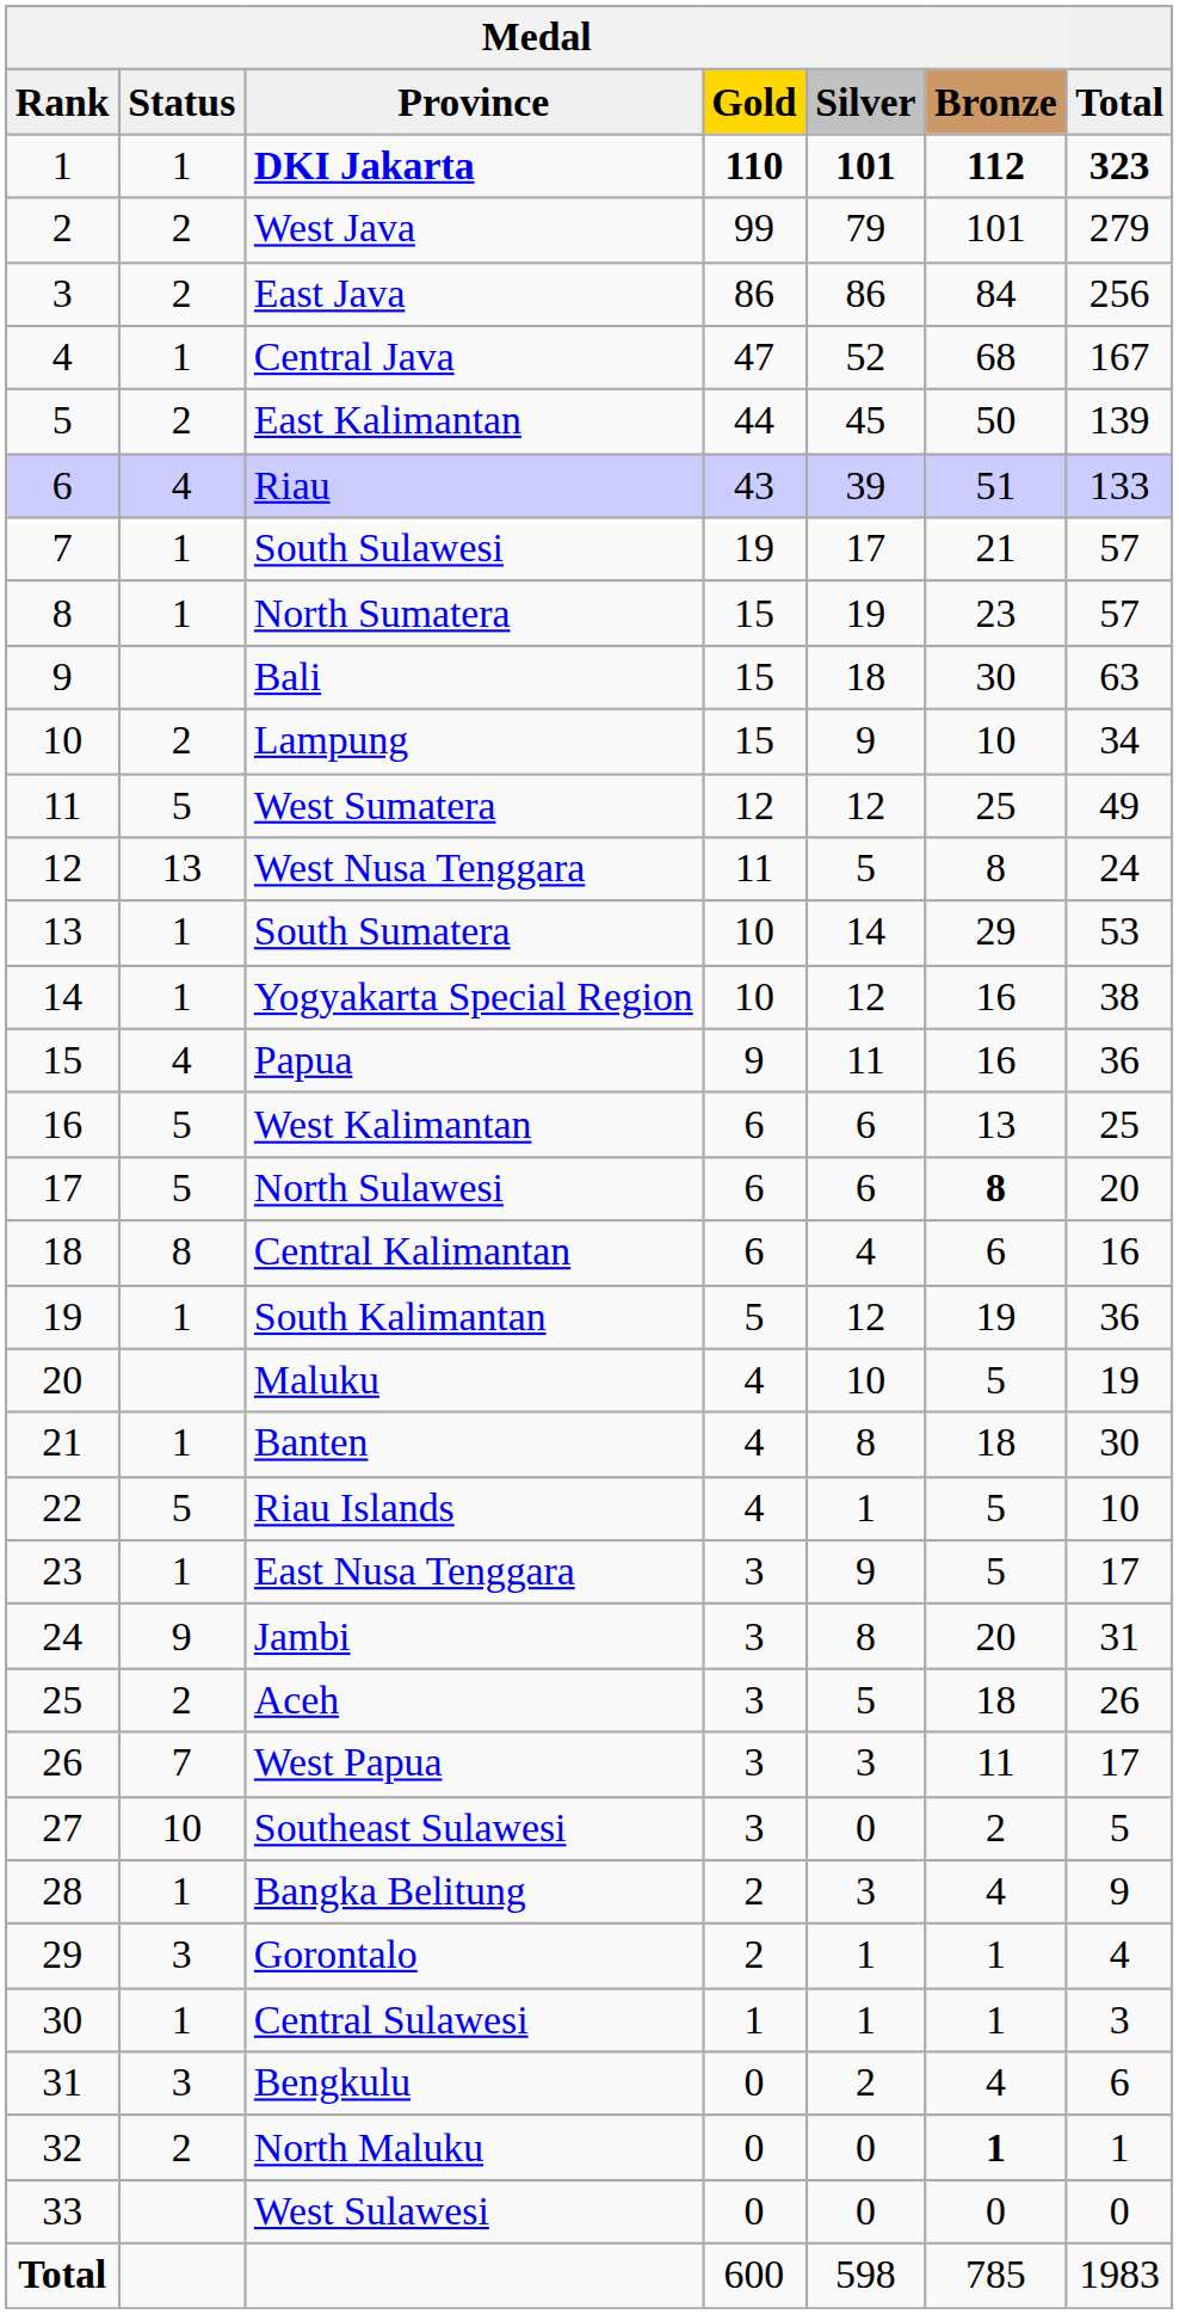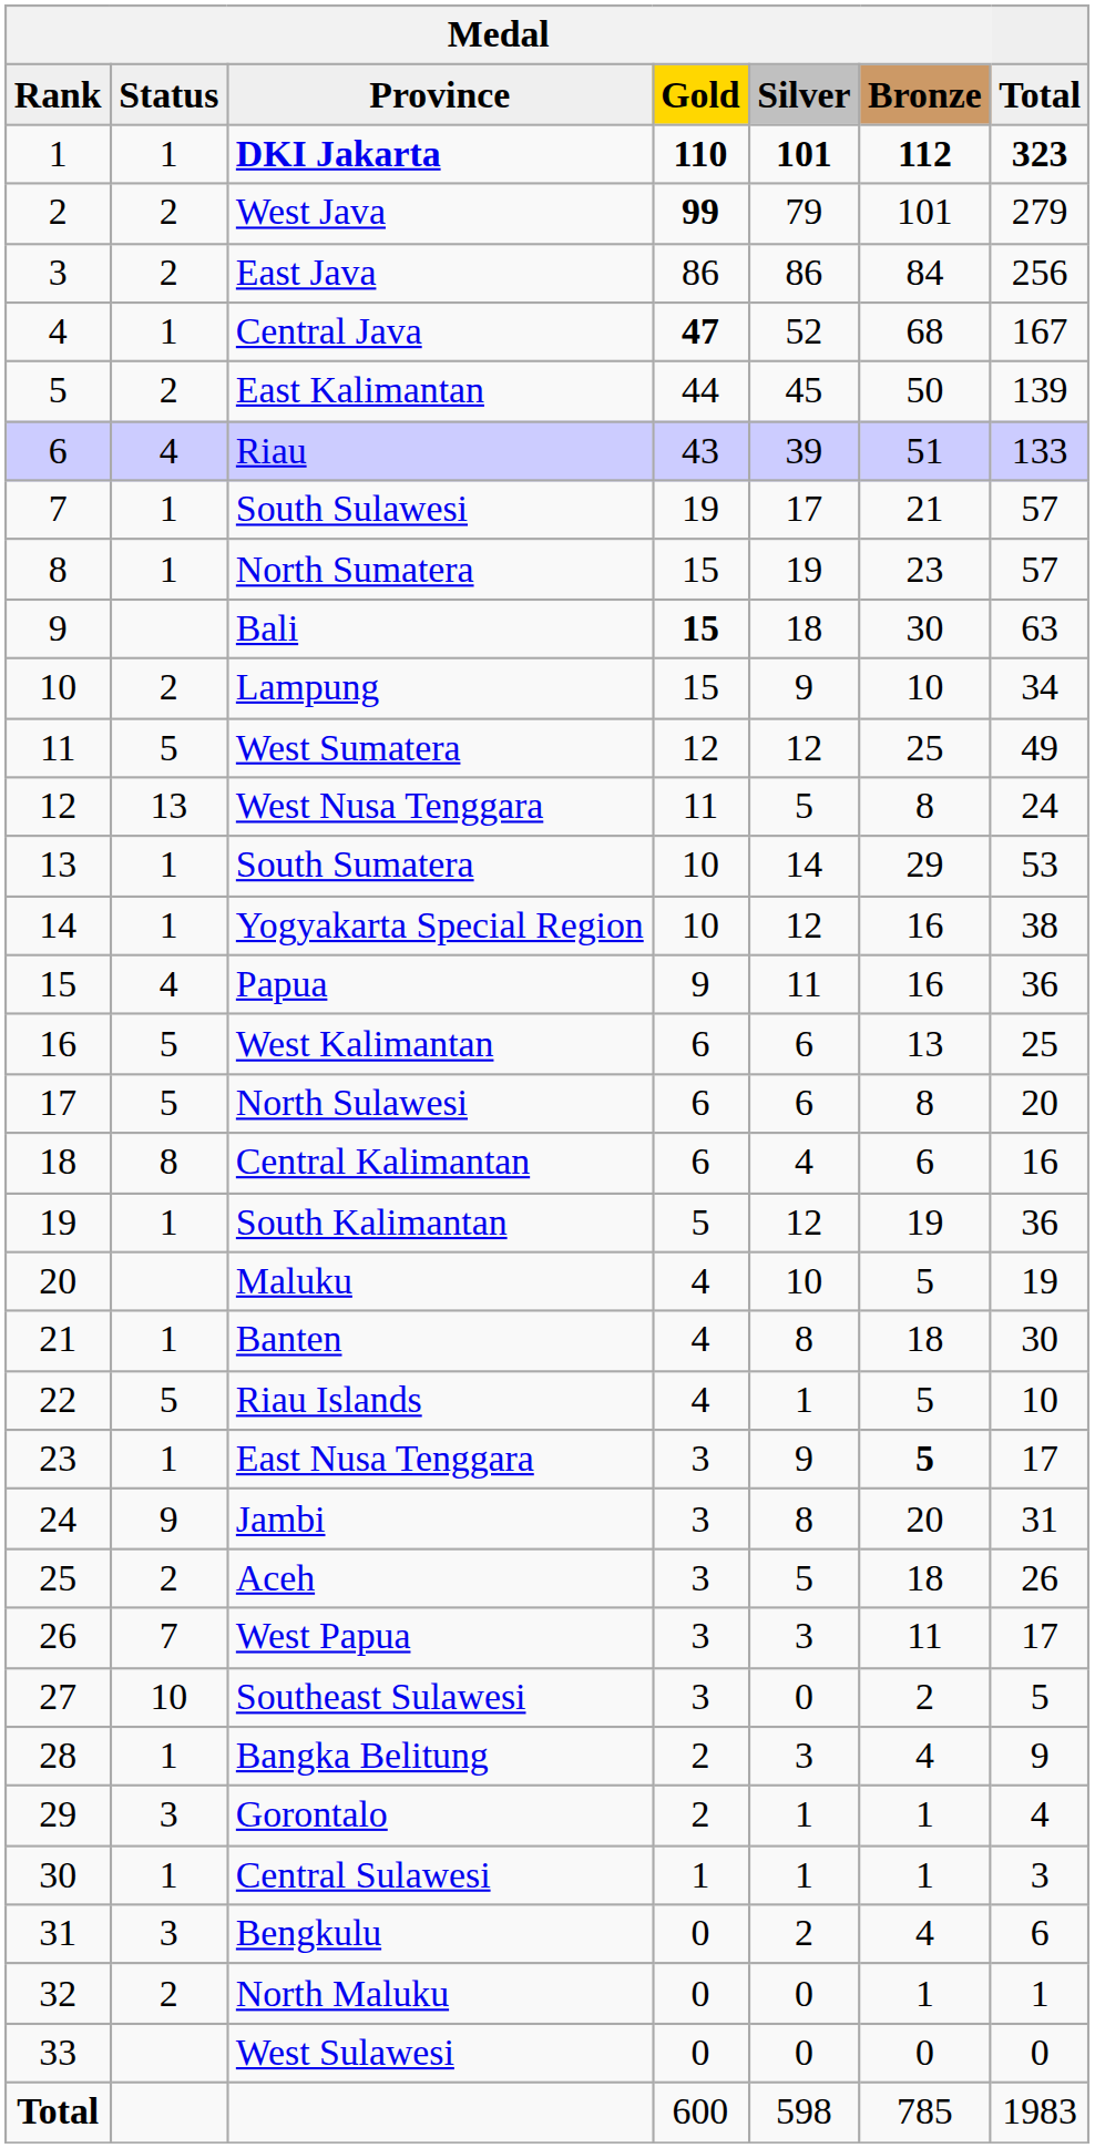 <table class="wikitable" style="text-align:center">
 <tr bgcolor="#efefef">
 <th colspan=6 style="border-right:0px;";>Medal</th>
 <td style="border-left:0px";></td>
 </tr>
 <tr bgcolor="#efefef">
 <td><strong>Rank</strong></td>
 <td><strong>Status</strong></td>
 <td><strong>Province</strong></td>
 <td bgcolor="gold"><strong>Gold</strong></td>
 <td bgcolor="silver"><strong>Silver</strong></td>
 <td bgcolor="CC9966"><strong>Bronze</strong></td>
 <td><strong>Total</strong></td>
 </tr>
 <tr>
 <td>1</td>
 <td> 1</td>
 <td style="text-align:left"><strong><a href='#'>DKI Jakarta</a></strong></td>
 <td><strong>110</strong></td>
 <td><strong>101</strong></td>
 <td><strong>112</strong></td>
 <td><strong>323</strong></td>
 </tr>
 <tr>
 <td>2</td>
 <td> 2</td>
 <td style="text-align:left"><a href='#'>West Java</a></td>
-<td>99</td>
+<td><strong>99</strong></td>
 <td>79</td>
 <td>101</td>
 <td>279</td>
 </tr>
 <tr>
 <td>3</td>
 <td> 2</td>
 <td style="text-align:left"><a href='#'>East Java</a></td>
 <td>86</td>
 <td>86</td>
 <td>84</td>
 <td>256</td>
 </tr>
 <tr>
 <td>4</td>
 <td> 1</td>
 <td style="text-align:left"><a href='#'>Central Java</a></td>
-<td>47</td>
+<td><strong>47</strong></td>
 <td>52</td>
 <td>68</td>
 <td>167</td>
 </tr>
 <tr>
 <td>5</td>
 <td> 2</td>
 <td style="text-align:left"><a href='#'>East Kalimantan</a></td>
 <td>44</td>
 <td>45</td>
 <td>50</td>
 <td>139</td>
 </tr>
 <tr style="background:#ccccff">
 <td>6</td>
 <td> 4</td>
 <td style="text-align:left"><a href='#'>Riau</a></td>
 <td>43</td>
 <td>39</td>
 <td>51</td>
 <td>133</td>
 </tr>
 <tr>
 <td>7</td>
 <td> 1</td>
 <td style="text-align:left"><a href='#'>South Sulawesi</a></td>
 <td>19</td>
 <td>17</td>
 <td>21</td>
 <td>57</td>
 </tr>
 <tr>
 <td>8</td>
 <td> 1</td>
 <td style="text-align:left"><a href='#'>North Sumatera</a></td>
 <td>15</td>
 <td>19</td>
 <td>23</td>
 <td>57</td>
 </tr>
 <tr>
 <td>9</td>
 <td></td>
 <td style="text-align:left"><a href='#'>Bali</a></td>
-<td>15</td>
+<td><strong>15</strong></td>
 <td>18</td>
 <td>30</td>
 <td>63</td>
 </tr>
 <tr>
 <td>10</td>
 <td> 2</td>
 <td style="text-align:left"><a href='#'>Lampung</a></td>
 <td>15</td>
 <td>9</td>
 <td>10</td>
 <td>34</td>
 </tr>
 <tr>
 <td>11</td>
 <td> 5</td>
 <td style="text-align:left"><a href='#'>West Sumatera</a></td>
 <td>12</td>
 <td>12</td>
 <td>25</td>
 <td>49</td>
 </tr>
 <tr>
 <td>12</td>
 <td> 13</td>
 <td style="text-align:left"><a href='#'>West Nusa Tenggara</a></td>
 <td>11</td>
 <td>5</td>
 <td>8</td>
 <td>24</td>
 </tr>
 <tr>
 <td>13</td>
 <td> 1</td>
 <td style="text-align:left"><a href='#'>South Sumatera</a></td>
 <td>10</td>
 <td>14</td>
 <td>29</td>
 <td>53</td>
 </tr>
 <tr>
 <td>14</td>
 <td> 1</td>
 <td style="text-align:left"><a href='#'>Yogyakarta Special Region</a></td>
 <td>10</td>
 <td>12</td>
 <td>16</td>
 <td>38</td>
 </tr>
 <tr>
 <td>15</td>
 <td> 4</td>
 <td style="text-align:left"><a href='#'>Papua</a></td>
 <td>9</td>
 <td>11</td>
 <td>16</td>
 <td>36</td>
 </tr>
 <tr>
 <td>16</td>
 <td> 5</td>
 <td style="text-align:left"><a href='#'>West Kalimantan</a></td>
 <td>6</td>
 <td>6</td>
 <td>13</td>
 <td>25</td>
 </tr>
 <tr>
 <td>17</td>
 <td> 5</td>
 <td style="text-align:left"><a href='#'>North Sulawesi</a></td>
 <td>6</td>
 <td>6</td>
-<td><strong>8</strong></td>
+<td>8</td>
 <td>20</td>
 </tr>
 <tr>
 <td>18</td>
 <td> 8</td>
 <td style="text-align:left"><a href='#'>Central Kalimantan</a></td>
 <td>6</td>
 <td>4</td>
 <td>6</td>
 <td>16</td>
 </tr>
 <tr>
 <td>19</td>
 <td> 1</td>
 <td style="text-align:left"><a href='#'>South Kalimantan</a></td>
 <td>5</td>
 <td>12</td>
 <td>19</td>
 <td>36</td>
 </tr>
 <tr>
 <td>20</td>
 <td></td>
 <td style="text-align:left"><a href='#'>Maluku</a></td>
 <td>4</td>
 <td>10</td>
 <td>5</td>
 <td>19</td>
 </tr>
 <tr>
 <td>21</td>
 <td> 1</td>
 <td style="text-align:left"><a href='#'>Banten</a></td>
 <td>4</td>
 <td>8</td>
 <td>18</td>
 <td>30</td>
 </tr>
 <tr>
 <td>22</td>
 <td> 5</td>
 <td style="text-align:left"><a href='#'>Riau Islands</a></td>
 <td>4</td>
 <td>1</td>
 <td>5</td>
 <td>10</td>
 </tr>
 <tr>
 <td>23</td>
 <td> 1</td>
 <td style="text-align:left"><a href='#'>East Nusa Tenggara</a></td>
 <td>3</td>
 <td>9</td>
-<td>5</td>
+<td><strong>5</strong></td>
 <td>17</td>
 </tr>
 <tr>
 <td>24</td>
 <td> 9</td>
 <td style="text-align:left"><a href='#'>Jambi</a></td>
 <td>3</td>
 <td>8</td>
 <td>20</td>
 <td>31</td>
 </tr>
 <tr>
 <td>25</td>
 <td> 2</td>
 <td style="text-align:left"><a href='#'>Aceh</a></td>
 <td>3</td>
 <td>5</td>
 <td>18</td>
 <td>26</td>
 </tr>
 <tr>
 <td>26</td>
 <td> 7</td>
 <td style="text-align:left"><a href='#'>West Papua</a></td>
 <td>3</td>
 <td>3</td>
 <td>11</td>
 <td>17</td>
 </tr>
 <tr>
 <td>27</td>
 <td> 10</td>
 <td style="text-align:left"><a href='#'>Southeast Sulawesi</a></td>
 <td>3</td>
 <td>0</td>
 <td>2</td>
 <td>5</td>
 </tr>
 <tr>
 <td>28</td>
 <td> 1</td>
 <td style="text-align:left"><a href='#'>Bangka Belitung</a></td>
 <td>2</td>
 <td>3</td>
 <td>4</td>
 <td>9</td>
 </tr>
 <tr>
 <td>29</td>
 <td> 3</td>
 <td style="text-align:left"><a href='#'>Gorontalo</a></td>
 <td>2</td>
 <td>1</td>
 <td>1</td>
 <td>4</td>
 </tr>
 <tr>
 <td>30</td>
 <td> 1</td>
 <td style="text-align:left"><a href='#'>Central Sulawesi</a></td>
 <td>1</td>
 <td>1</td>
 <td>1</td>
 <td>3</td>
 </tr>
 <tr>
 <td>31</td>
 <td> 3</td>
 <td style="text-align:left"><a href='#'>Bengkulu</a></td>
 <td>0</td>
 <td>2</td>
 <td>4</td>
 <td>6</td>
 </tr>
 <tr>
 <td>32</td>
 <td> 2</td>
 <td style="text-align:left"><a href='#'>North Maluku</a></td>
 <td>0</td>
 <td>0</td>
-<td><strong>1</strong></td>
+<td>1</td>
 <td>1</td>
 </tr>
 <tr>
 <td>33</td>
 <td></td>
 <td style="text-align:left"><a href='#'>West Sulawesi</a></td>
 <td>0</td>
 <td>0</td>
 <td>0</td>
 <td>0</td>
 </tr>
 <tr>
 <td><strong>Total</strong></td>
 <td></td>
 <td></td>
 <td>600<strong> </strong></td>
 <td>598<strong> </strong></td>
 <td>785<strong> </strong></td>
 <td>1983<strong> </strong></td>
 </tr>
 <tr>
 </tr>
 </table>
